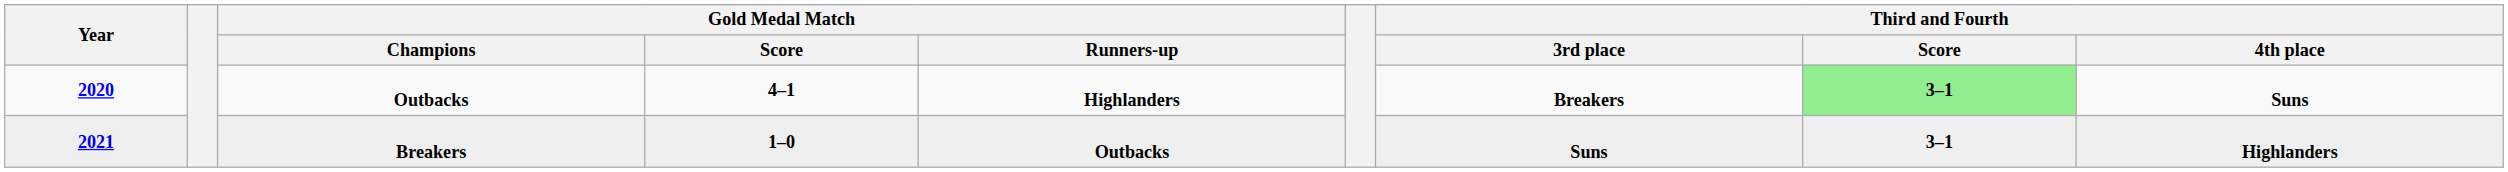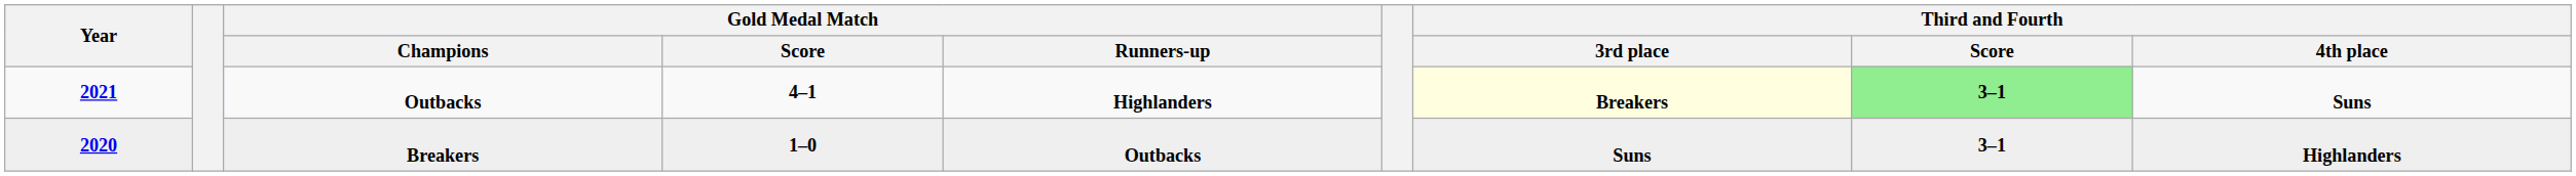 <table class="wikitable" style="font-size:90%; width: 100%; text-align: center;">
 <tr bgcolor=#c1d8ff>
 <th rowspan=2 width=6%>Year</th>
 <th width=1% rowspan=20 bgcolor=ffffff></th>
 <th colspan=3>Gold Medal Match</th>
 <th width=1% rowspan=20 bgcolor=ffffff></th>
 <th colspan=3>Third and Fourth</th>
 </tr>
 <tr bgcolor=#efefef>
 <th width=14%>Champions</th>
 <th width=9%>Score</th>
 <th width=14%>Runners-up</th>
 <th width=14%>3rd place</th>
 <th width=9%>Score</th>
 <th width=14%>4th place</th>
 </tr>
 <tr>
-<td><strong><a href='#'>2020</a></strong></td>
+<td><strong><a href='#'>2021</a></strong></td>
 <td><br><strong>Outbacks</strong></td>
 <td><strong>4–1</strong></td>
 <td><br><strong>Highlanders</strong></td>
-<td><br><strong>Breakers</strong></td>
+<td style="background: lightyellow;"><br><strong>Breakers</strong></td>
 <td style="background: lightgreen;"><strong>3–1</strong></td>
 <td><br><strong>Suns</strong></td>
 </tr>
 <tr bgcolor=#efefef>
-<td><strong><a href='#'>2021</a></strong></td>
+<td><strong><a href='#'>2020</a></strong></td>
 <td><br><strong>Breakers</strong></td>
 <td><strong>1–0</strong></td>
 <td><br><strong>Outbacks</strong></td>
 <td><br><strong>Suns</strong></td>
 <td><strong>3–1</strong></td>
 <td><br><strong>Highlanders</strong></td>
 </tr>
 </table>
